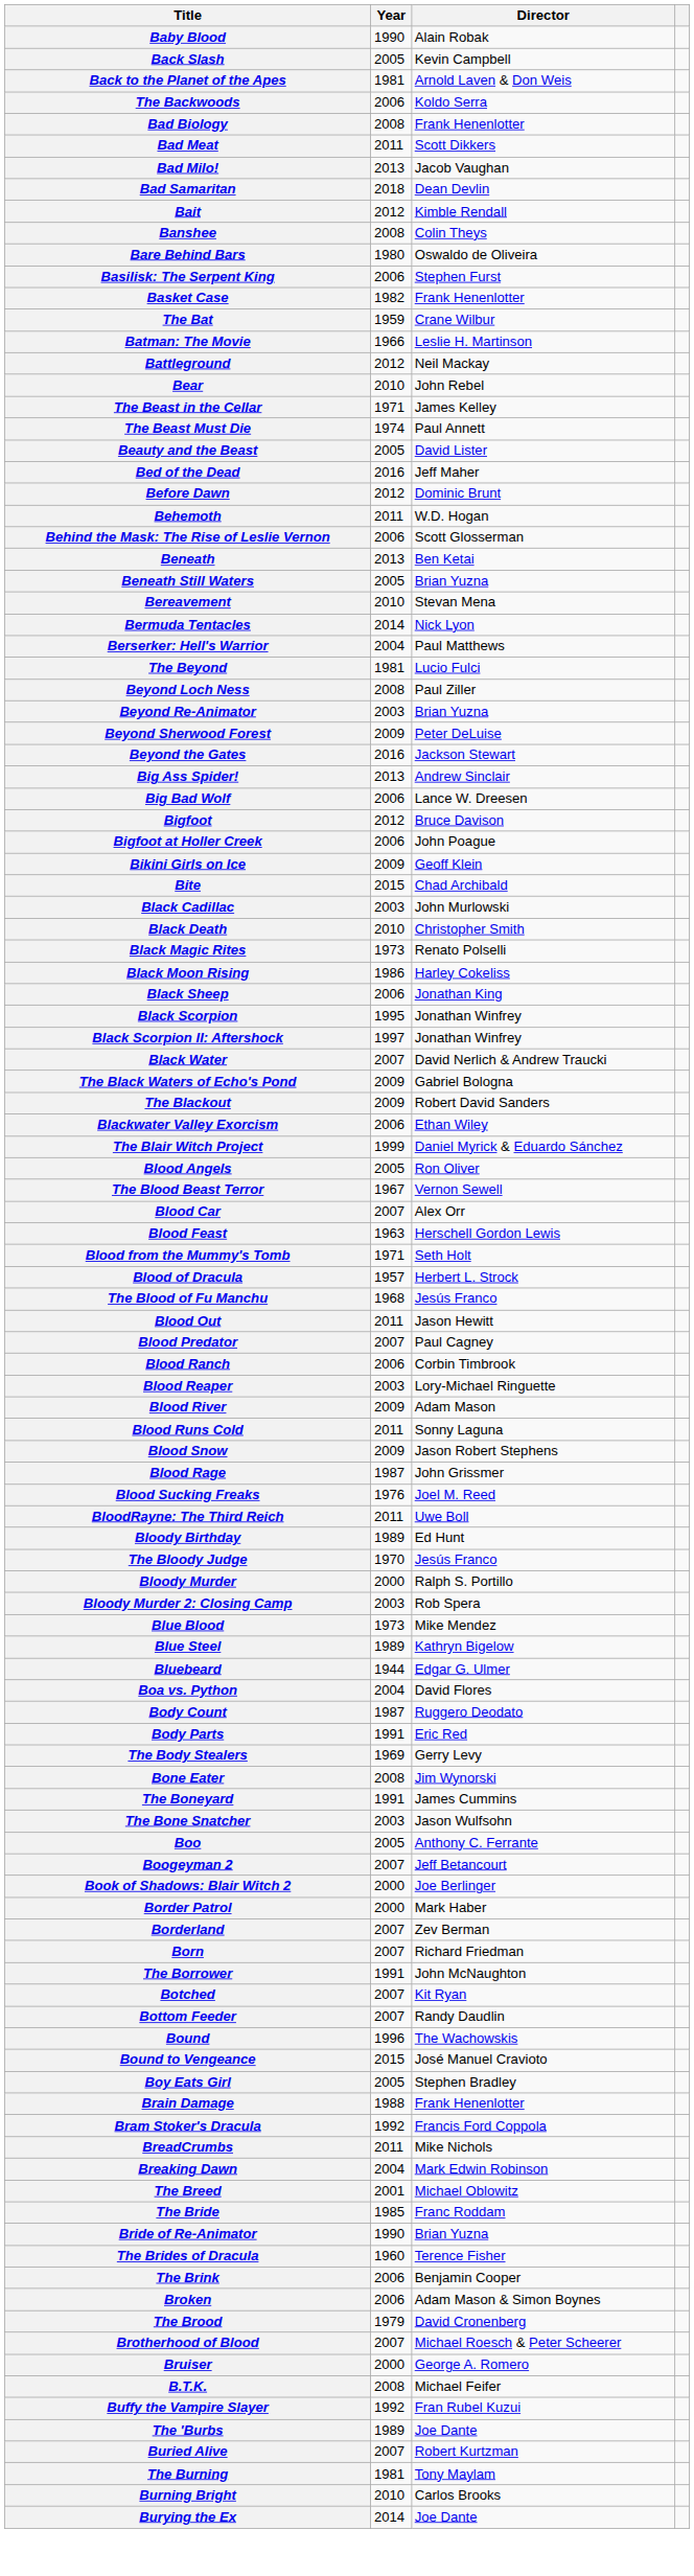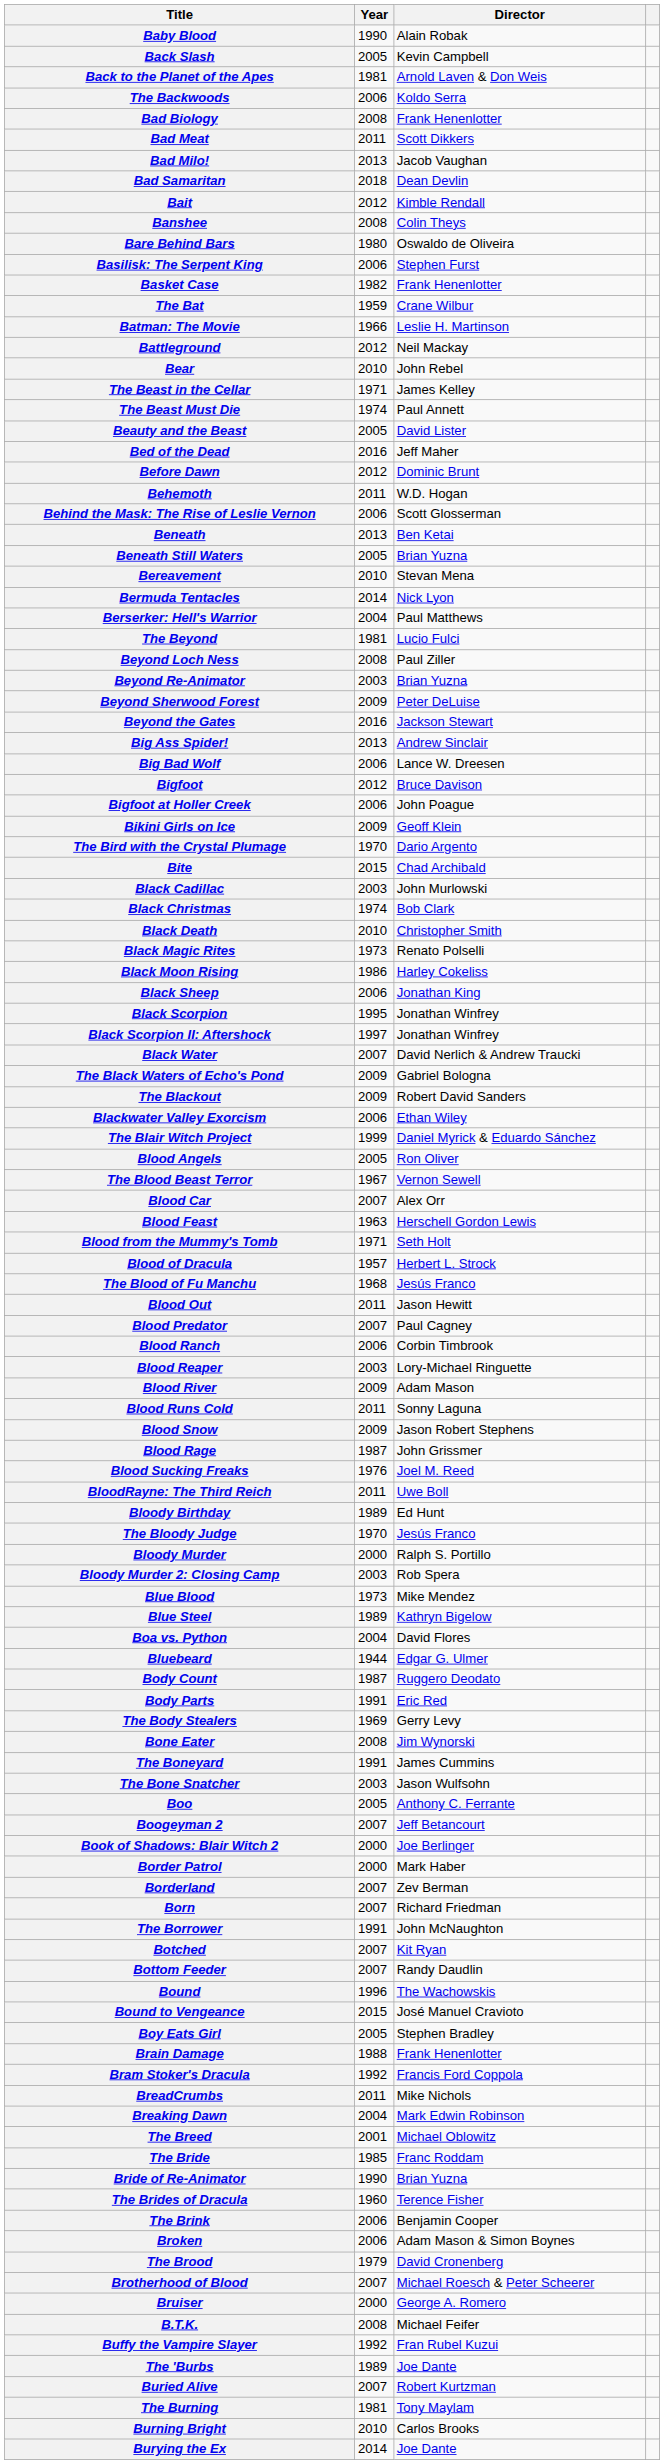 <table style="width:800px;" class="wikitable plainrowheaders sortable">
 <tr>
 <th width="420" scope="col">Title</th>
 <th width="40" scope="col">Year</th>
 <th width="300" scope="col">Director</th>
 <th scope="col"></th>
 </tr>
 <tr>
 <th scope="row"><em><a href='#'>Baby Blood</a></em></th>
 <td>1990</td>
 <td>Alain Robak</td>
 <td></td>
 </tr>
 <tr>
 <th scope="row"><em><a href='#'>Back Slash</a></em></th>
 <td>2005</td>
 <td>Kevin Campbell</td>
 <td></td>
 </tr>
 <tr>
 <th scope="row"><em><a href='#'>Back to the Planet of the Apes</a></em></th>
 <td>1981</td>
 <td><a href='#'>Arnold Laven</a> & <a href='#'>Don Weis</a></td>
 <td></td>
 </tr>
 <tr>
 <th scope="row"><em><a href='#'>The Backwoods</a></em></th>
 <td>2006</td>
 <td><a href='#'>Koldo Serra</a></td>
 <td></td>
 </tr>
 <tr>
 <th scope="row"><em><a href='#'>Bad Biology</a></em></th>
 <td>2008</td>
 <td><a href='#'>Frank Henenlotter</a></td>
 <td></td>
 </tr>
 <tr>
 <th scope="row"><em><a href='#'>Bad Meat</a></em></th>
 <td>2011</td>
 <td><a href='#'>Scott Dikkers</a></td>
 <td></td>
 </tr>
 <tr>
 <th scope="row"><em><a href='#'>Bad Milo!</a></em></th>
 <td>2013</td>
 <td>Jacob Vaughan</td>
 <td></td>
 </tr>
 <tr>
 <th scope="row"><em><a href='#'>Bad Samaritan</a></em></th>
 <td>2018</td>
 <td><a href='#'>Dean Devlin</a></td>
 <td align="center"></td>
 </tr>
 <tr>
 <th scope="row"><em><a href='#'>Bait</a></em></th>
 <td>2012</td>
 <td><a href='#'>Kimble Rendall</a></td>
 <td></td>
 </tr>
 <tr>
 <th scope="row"><em><a href='#'>Banshee</a></em></th>
 <td>2008</td>
 <td><a href='#'>Colin Theys</a></td>
 <td></td>
 </tr>
 <tr>
 <th scope="row"><em><a href='#'>Bare Behind Bars</a></em></th>
 <td>1980</td>
 <td>Oswaldo de Oliveira</td>
 <td></td>
 </tr>
 <tr>
 <th scope="row"><em><a href='#'>Basilisk: The Serpent King</a></em></th>
 <td>2006</td>
 <td><a href='#'>Stephen Furst</a></td>
 <td align="center"></td>
 </tr>
 <tr>
 <th scope="row"><em><a href='#'>Basket Case</a></em></th>
 <td>1982</td>
 <td><a href='#'>Frank Henenlotter</a></td>
 <td align="center"></td>
 </tr>
 <tr>
 <th scope="row"><em><a href='#'>The Bat</a></em></th>
 <td>1959</td>
 <td><a href='#'>Crane Wilbur</a></td>
 <td></td>
 </tr>
 <tr>
 <th scope="row"><em><a href='#'>Batman: The Movie</a></em></th>
 <td>1966</td>
 <td><a href='#'>Leslie H. Martinson</a></td>
 <td></td>
 </tr>
 <tr>
 <th scope="row"><em><a href='#'>Battleground</a></em></th>
 <td>2012</td>
 <td>Neil Mackay</td>
 <td></td>
 </tr>
 <tr>
 <th scope="row"><em><a href='#'>Bear</a></em></th>
 <td>2010</td>
 <td>John Rebel</td>
 <td></td>
 </tr>
 <tr>
 <th scope="row"><em><a href='#'>The Beast in the Cellar</a></em></th>
 <td>1971</td>
 <td>James Kelley</td>
 <td align="center"></td>
 </tr>
 <tr>
 <th scope="row"><em><a href='#'>The Beast Must Die</a></em></th>
 <td>1974</td>
 <td>Paul Annett</td>
 <td></td>
 </tr>
 <tr>
 <th scope="row"><em><a href='#'>Beauty and the Beast</a></em></th>
 <td>2005</td>
 <td><a href='#'>David Lister</a></td>
 <td></td>
 </tr>
 <tr>
 <th scope="row"><em><a href='#'>Bed of the Dead</a></em></th>
 <td>2016</td>
 <td>Jeff Maher</td>
 <td align="center"></td>
 </tr>
 <tr>
 <th scope="row"><em><a href='#'>Before Dawn</a></em></th>
 <td>2012</td>
 <td><a href='#'>Dominic Brunt</a></td>
 <td></td>
 </tr>
 <tr>
 <th scope="row"><em><a href='#'>Behemoth</a></em></th>
 <td>2011</td>
 <td>W.D. Hogan</td>
 <td></td>
 </tr>
 <tr>
 <th scope="row"><em><a href='#'>Behind the Mask: The Rise of Leslie Vernon</a></em></th>
 <td>2006</td>
 <td>Scott Glosserman</td>
 <td></td>
 </tr>
 <tr>
 <th scope="row"><em><a href='#'>Beneath</a></em></th>
 <td>2013</td>
 <td><a href='#'>Ben Ketai</a></td>
 <td align="center"></td>
 </tr>
 <tr>
 <th scope="row"><em><a href='#'>Beneath Still Waters</a></em></th>
 <td>2005</td>
 <td><a href='#'>Brian Yuzna</a></td>
 <td align="center"></td>
 </tr>
 <tr>
 <th scope="row"><em><a href='#'>Bereavement</a></em></th>
 <td>2010</td>
 <td>Stevan Mena</td>
 <td></td>
 </tr>
 <tr>
 <th scope="row"><em><a href='#'>Bermuda Tentacles</a></em></th>
 <td>2014</td>
 <td><a href='#'>Nick Lyon</a></td>
 <td></td>
 </tr>
 <tr>
 <th scope="row"><em><a href='#'>Berserker: Hell's Warrior</a></em></th>
 <td>2004</td>
 <td>Paul Matthews</td>
 <td></td>
 </tr>
 <tr>
 <th scope="row"><em><a href='#'>The Beyond</a></em></th>
 <td>1981</td>
 <td><a href='#'>Lucio Fulci</a></td>
 <td align="center"></td>
 </tr>
 <tr>
 <th scope="row"><em><a href='#'>Beyond Loch Ness</a></em></th>
 <td>2008</td>
 <td>Paul Ziller</td>
 <td></td>
 </tr>
 <tr>
 <th scope="row"><em><a href='#'>Beyond Re-Animator</a></em></th>
 <td>2003</td>
 <td><a href='#'>Brian Yuzna</a></td>
 <td align="center"></td>
 </tr>
 <tr>
 <th scope="row"><em><a href='#'>Beyond Sherwood Forest</a></em></th>
 <td>2009</td>
 <td><a href='#'>Peter DeLuise</a></td>
 <td></td>
 </tr>
 <tr>
 <th scope="row"><em><a href='#'>Beyond the Gates</a></em></th>
 <td>2016</td>
 <td><a href='#'>Jackson Stewart</a></td>
 <td align="center"></td>
 </tr>
 <tr>
 <th scope="row"><em><a href='#'>Big Ass Spider!</a></em></th>
 <td>2013</td>
 <td><a href='#'>Andrew Sinclair</a></td>
 <td align="center"></td>
 </tr>
 <tr>
 <th scope="row"><em><a href='#'>Big Bad Wolf</a></em></th>
 <td>2006</td>
 <td>Lance W. Dreesen</td>
 <td></td>
 </tr>
 <tr>
 <th scope="row"><em><a href='#'>Bigfoot</a></em></th>
 <td>2012</td>
 <td><a href='#'>Bruce Davison</a></td>
 <td></td>
 </tr>
 <tr>
 <th scope="row"><em><a href='#'>Bigfoot at Holler Creek</a></em></th>
 <td>2006</td>
 <td>John Poague</td>
 <td></td>
 </tr>
 <tr>
 <th scope="row"><em><a href='#'>Bikini Girls on Ice</a></em></th>
 <td>2009</td>
 <td><a href='#'>Geoff Klein</a></td>
 <td></td>
 </tr>
 <tr>
+<th scope="row"><em><a href='#'>The Bird with the Crystal Plumage</a></em></th>
+<td>1970</td>
+<td><a href='#'>Dario Argento</a></td>
+<td align="center"></td>
+</tr>
+<tr>
 <th scope="row"><em><a href='#'>Bite</a></em></th>
 <td>2015</td>
 <td><a href='#'>Chad Archibald</a></td>
 <td></td>
 </tr>
 <tr>
 <th scope="row"><em><a href='#'>Black Cadillac</a></em></th>
 <td>2003</td>
 <td>John Murlowski</td>
 <td></td>
+</tr>
+<tr>
+<th scope="row"><em><a href='#'>Black Christmas</a></em></th>
+<td>1974</td>
+<td><a href='#'>Bob Clark</a></td>
+<td align="center"></td>
 </tr>
 <tr>
 <th scope="row"><em><a href='#'>Black Death</a></em></th>
 <td>2010</td>
 <td><a href='#'>Christopher Smith</a></td>
 <td align="center"></td>
 </tr>
 <tr>
 <th scope="row"><em><a href='#'>Black Magic Rites</a></em></th>
 <td>1973</td>
 <td>Renato Polselli</td>
 <td></td>
 </tr>
 <tr>
 <th scope="row"><em><a href='#'>Black Moon Rising</a></em></th>
 <td>1986</td>
 <td><a href='#'>Harley Cokeliss</a></td>
 <td></td>
 </tr>
 <tr>
 <th scope="row"><em><a href='#'>Black Sheep</a></em></th>
 <td>2006</td>
 <td><a href='#'>Jonathan King</a></td>
 <td align="center"></td>
 </tr>
 <tr>
 <th scope="row"><em><a href='#'>Black Scorpion</a></em></th>
 <td>1995</td>
 <td>Jonathan Winfrey</td>
 <td></td>
 </tr>
 <tr>
 <th scope="row"><em><a href='#'>Black Scorpion II: Aftershock</a></em></th>
 <td>1997</td>
 <td>Jonathan Winfrey</td>
 <td></td>
 </tr>
 <tr>
 <th scope="row"><em><a href='#'>Black Water</a></em></th>
 <td>2007</td>
 <td>David Nerlich & Andrew Traucki</td>
 <td></td>
 </tr>
 <tr>
 <th scope="row"><em><a href='#'>The Black Waters of Echo's Pond</a></em></th>
 <td>2009</td>
 <td>Gabriel Bologna</td>
 <td></td>
 </tr>
 <tr>
 <th scope="row"><em><a href='#'>The Blackout</a></em></th>
 <td>2009</td>
 <td>Robert David Sanders</td>
 <td></td>
 </tr>
 <tr>
 <th scope="row"><em><a href='#'>Blackwater Valley Exorcism</a></em></th>
 <td>2006</td>
 <td><a href='#'>Ethan Wiley</a></td>
 <td></td>
 </tr>
 <tr>
 <th scope="row"><em><a href='#'>The Blair Witch Project</a></em></th>
 <td>1999</td>
 <td><a href='#'>Daniel Myrick</a> & <a href='#'>Eduardo Sánchez</a></td>
 <td></td>
 </tr>
 <tr>
 <th scope="row"><em><a href='#'>Blood Angels</a></em></th>
 <td>2005</td>
 <td><a href='#'>Ron Oliver</a></td>
 <td></td>
 </tr>
 <tr>
 <th scope="row"><em><a href='#'>The Blood Beast Terror</a></em></th>
 <td>1967</td>
 <td><a href='#'>Vernon Sewell</a></td>
 <td></td>
 </tr>
 <tr>
 <th scope="row"><em><a href='#'>Blood Car</a></em></th>
 <td>2007</td>
 <td>Alex Orr</td>
 <td></td>
 </tr>
 <tr>
 <th scope="row"><em><a href='#'>Blood Feast</a></em></th>
 <td>1963</td>
 <td><a href='#'>Herschell Gordon Lewis</a></td>
 <td></td>
 </tr>
 <tr>
 <th scope="row"><em><a href='#'>Blood from the Mummy's Tomb</a></em></th>
 <td>1971</td>
 <td><a href='#'>Seth Holt</a></td>
 <td align="center"></td>
 </tr>
 <tr>
 <th scope="row"><em><a href='#'>Blood of Dracula</a></em></th>
 <td>1957</td>
 <td><a href='#'>Herbert L. Strock</a></td>
 <td></td>
 </tr>
 <tr>
 <th scope="row"><em><a href='#'>The Blood of Fu Manchu</a></em></th>
 <td>1968</td>
 <td><a href='#'>Jesús Franco</a></td>
 <td></td>
 </tr>
 <tr>
 <th scope="row"><em><a href='#'>Blood Out</a></em></th>
 <td>2011</td>
 <td>Jason Hewitt</td>
 <td align="center"></td>
 </tr>
 <tr>
 <th scope="row"><em><a href='#'>Blood Predator</a></em></th>
 <td>2007</td>
 <td>Paul Cagney</td>
 <td></td>
 </tr>
 <tr>
 <th scope="row"><em><a href='#'>Blood Ranch</a></em></th>
 <td>2006</td>
 <td>Corbin Timbrook</td>
 <td></td>
 </tr>
 <tr>
 <th scope="row"><em><a href='#'>Blood Reaper</a></em></th>
 <td>2003</td>
 <td>Lory-Michael Ringuette</td>
 <td></td>
 </tr>
 <tr>
 <th scope="row"><em><a href='#'>Blood River</a></em></th>
 <td>2009</td>
 <td>Adam Mason</td>
 <td></td>
 </tr>
 <tr>
 <th scope="row"><em><a href='#'>Blood Runs Cold</a></em></th>
 <td>2011</td>
 <td>Sonny Laguna</td>
 <td></td>
 </tr>
 <tr>
 <th scope="row"><em><a href='#'>Blood Snow</a></em></th>
 <td>2009</td>
 <td>Jason Robert Stephens</td>
 <td></td>
 </tr>
 <tr>
 <th scope="row"><em><a href='#'>Blood Rage</a></em></th>
 <td>1987</td>
 <td>John Grissmer</td>
 <td align="center"></td>
 </tr>
 <tr>
 <th scope="row"><em><a href='#'>Blood Sucking Freaks</a></em></th>
 <td>1976</td>
 <td><a href='#'>Joel M. Reed</a></td>
 <td></td>
 </tr>
 <tr>
 <th scope="row"><em><a href='#'>BloodRayne: The Third Reich</a></em></th>
 <td>2011</td>
 <td><a href='#'>Uwe Boll</a></td>
 <td></td>
 </tr>
 <tr>
 <th scope="row"><em><a href='#'>Bloody Birthday</a></em></th>
 <td>1989</td>
 <td>Ed Hunt</td>
 <td></td>
 </tr>
 <tr>
 <th scope="row"><em><a href='#'>The Bloody Judge</a></em></th>
 <td>1970</td>
 <td><a href='#'>Jesús Franco</a></td>
 <td align="center"></td>
 </tr>
 <tr>
 <th scope="row"><em><a href='#'>Bloody Murder</a></em></th>
 <td>2000</td>
 <td>Ralph S. Portillo</td>
 <td></td>
 </tr>
 <tr>
 <th scope="row"><em><a href='#'>Bloody Murder 2: Closing Camp</a></em></th>
 <td>2003</td>
 <td>Rob Spera</td>
 <td></td>
 </tr>
 <tr>
 <th scope="row"><em><a href='#'>Blue Blood</a></em></th>
 <td>1973</td>
 <td>Mike Mendez</td>
 <td align="center"></td>
 </tr>
 <tr>
 <th scope="row"><em><a href='#'>Blue Steel</a></em></th>
 <td>1989</td>
 <td><a href='#'>Kathryn Bigelow</a></td>
 <td></td>
 </tr>
 <tr>
+<th scope="row"><em><a href='#'>Boa vs. Python</a></em></th>
+<td>2004</td>
+<td>David Flores</td>
+<td></td>
+</tr>
+<tr>
 <th scope="row"><em><a href='#'>Bluebeard</a></em></th>
 <td>1944</td>
 <td><a href='#'>Edgar G. Ulmer</a></td>
 <td align="center"></td>
-</tr>
-<tr>
-<th scope="row"><em><a href='#'>Boa vs. Python</a></em></th>
-<td>2004</td>
-<td>David Flores</td>
-<td></td>
 </tr>
 <tr>
 <th scope="row"><em><a href='#'>Body Count</a></em></th>
 <td>1987</td>
 <td><a href='#'>Ruggero Deodato</a></td>
 <td></td>
 </tr>
 <tr>
 <th scope="row"><em><a href='#'>Body Parts</a></em></th>
 <td>1991</td>
 <td><a href='#'>Eric Red</a></td>
 <td align="center"></td>
 </tr>
 <tr>
 <th scope="row"><em><a href='#'>The Body Stealers</a></em></th>
 <td>1969</td>
 <td>Gerry Levy</td>
 <td></td>
 </tr>
 <tr>
 <th scope="row"><em><a href='#'>Bone Eater</a></em></th>
 <td>2008</td>
 <td><a href='#'>Jim Wynorski</a></td>
 <td></td>
 </tr>
 <tr>
 <th scope="row"><em><a href='#'>The Boneyard</a></em></th>
 <td>1991</td>
 <td>James Cummins</td>
 <td align="center"></td>
 </tr>
 <tr>
 <th scope="row"><em><a href='#'>The Bone Snatcher</a></em></th>
 <td>2003</td>
 <td>Jason Wulfsohn</td>
 <td></td>
 </tr>
 <tr>
 <th scope="row"><em><a href='#'>Boo</a></em></th>
 <td>2005</td>
 <td><a href='#'>Anthony C. Ferrante</a></td>
 <td></td>
 </tr>
 <tr>
 <th scope="row"><em><a href='#'>Boogeyman 2</a></em></th>
 <td>2007</td>
 <td><a href='#'>Jeff Betancourt</a></td>
 <td></td>
 </tr>
 <tr>
 <th scope="row"><em><a href='#'>Book of Shadows: Blair Witch 2</a></em></th>
 <td>2000</td>
 <td><a href='#'>Joe Berlinger</a></td>
 <td align="center"></td>
 </tr>
 <tr>
 <th scope="row"><em><a href='#'>Border Patrol</a></em></th>
 <td>2000</td>
 <td>Mark Haber</td>
 <td></td>
 </tr>
 <tr>
 <th scope="row"><em><a href='#'>Borderland</a></em></th>
 <td>2007</td>
 <td>Zev Berman</td>
 <td></td>
 </tr>
 <tr>
 <th scope="row"><em><a href='#'>Born</a></em></th>
 <td>2007</td>
 <td>Richard Friedman</td>
 <td></td>
 </tr>
 <tr>
 <th scope="row"><em><a href='#'>The Borrower</a></em></th>
 <td>1991</td>
 <td>John McNaughton</td>
 <td></td>
 </tr>
 <tr>
 <th scope="row"><em><a href='#'>Botched</a></em></th>
 <td>2007</td>
 <td><a href='#'>Kit Ryan</a></td>
 <td></td>
 </tr>
 <tr>
 <th scope="row"><em><a href='#'>Bottom Feeder</a></em></th>
 <td>2007</td>
 <td>Randy Daudlin</td>
 <td></td>
 </tr>
 <tr>
 <th scope="row"><em><a href='#'>Bound</a></em></th>
 <td>1996</td>
 <td><a href='#'>The Wachowskis</a></td>
 <td></td>
 </tr>
 <tr>
 <th scope="row"><em><a href='#'>Bound to Vengeance</a></em></th>
 <td>2015</td>
 <td>José Manuel Cravioto</td>
 <td></td>
 </tr>
 <tr>
 <th scope="row"><em><a href='#'>Boy Eats Girl</a></em></th>
 <td>2005</td>
 <td>Stephen Bradley</td>
 <td></td>
 </tr>
 <tr>
 <th scope="row"><em><a href='#'>Brain Damage</a></em></th>
 <td>1988</td>
 <td><a href='#'>Frank Henenlotter</a></td>
 <td></td>
 </tr>
 <tr>
 <th scope="row"><em><a href='#'>Bram Stoker's Dracula</a></em></th>
 <td>1992</td>
 <td><a href='#'>Francis Ford Coppola</a></td>
 <td align="center"></td>
 </tr>
 <tr>
 <th scope="row"><em><a href='#'>BreadCrumbs</a></em></th>
 <td>2011</td>
 <td>Mike Nichols</td>
 <td></td>
 </tr>
 <tr>
 <th scope="row"><em><a href='#'>Breaking Dawn</a></em></th>
 <td>2004</td>
 <td><a href='#'>Mark Edwin Robinson</a></td>
 <td></td>
 </tr>
 <tr>
 <th scope="row"><em><a href='#'>The Breed</a></em></th>
 <td>2001</td>
 <td><a href='#'>Michael Oblowitz</a></td>
 <td></td>
 </tr>
 <tr>
 <th scope="row"><em><a href='#'>The Bride</a></em></th>
 <td>1985</td>
 <td><a href='#'>Franc Roddam</a></td>
 <td></td>
 </tr>
 <tr>
 <th scope="row"><em><a href='#'>Bride of Re-Animator</a></em></th>
 <td>1990</td>
 <td><a href='#'>Brian Yuzna</a></td>
 <td></td>
 </tr>
 <tr>
 <th scope="row"><em><a href='#'>The Brides of Dracula</a></em></th>
 <td>1960</td>
 <td><a href='#'>Terence Fisher</a></td>
 <td></td>
 </tr>
 <tr>
 <th scope="row"><em><a href='#'>The Brink</a></em></th>
 <td>2006</td>
 <td>Benjamin Cooper</td>
 <td></td>
 </tr>
 <tr>
 <th scope="row"><em><a href='#'>Broken</a></em></th>
 <td>2006</td>
 <td>Adam Mason & Simon Boynes</td>
 <td></td>
 </tr>
 <tr>
 <th scope="row"><em><a href='#'>The Brood</a></em></th>
 <td>1979</td>
 <td><a href='#'>David Cronenberg</a></td>
 <td align="center"></td>
 </tr>
 <tr>
 <th scope="row"><em><a href='#'>Brotherhood of Blood</a></em></th>
 <td>2007</td>
 <td><a href='#'>Michael Roesch</a> & <a href='#'>Peter Scheerer</a></td>
 <td></td>
 </tr>
 <tr>
 <th scope="row"><em><a href='#'>Bruiser</a></em></th>
 <td>2000</td>
 <td><a href='#'>George A. Romero</a></td>
 <td></td>
 </tr>
 <tr>
 <th scope="row"><em><a href='#'>B.T.K.</a></em></th>
 <td>2008</td>
 <td>Michael Feifer</td>
 <td></td>
 </tr>
 <tr>
 <th scope="row"><em><a href='#'>Buffy the Vampire Slayer</a></em></th>
 <td>1992</td>
 <td><a href='#'>Fran Rubel Kuzui</a></td>
 <td align="center"></td>
 </tr>
 <tr>
 <th scope="row"><em><a href='#'>The 'Burbs</a></em></th>
 <td>1989</td>
 <td><a href='#'>Joe Dante</a></td>
 <td align="center"></td>
 </tr>
 <tr>
 <th scope="row"><em><a href='#'>Buried Alive</a></em></th>
 <td>2007</td>
 <td><a href='#'>Robert Kurtzman</a></td>
 <td></td>
 </tr>
 <tr>
 <th scope="row"><em><a href='#'>The Burning</a></em></th>
 <td>1981</td>
 <td><a href='#'>Tony Maylam</a></td>
 <td></td>
 </tr>
 <tr>
 <th scope="row"><em><a href='#'>Burning Bright</a></em></th>
 <td>2010</td>
 <td>Carlos Brooks</td>
 <td align="center"></td>
 </tr>
 <tr>
 <th scope="row"><em><a href='#'>Burying the Ex</a></em></th>
 <td>2014</td>
 <td><a href='#'>Joe Dante</a></td>
 <td></td>
 </tr>
 </table>
